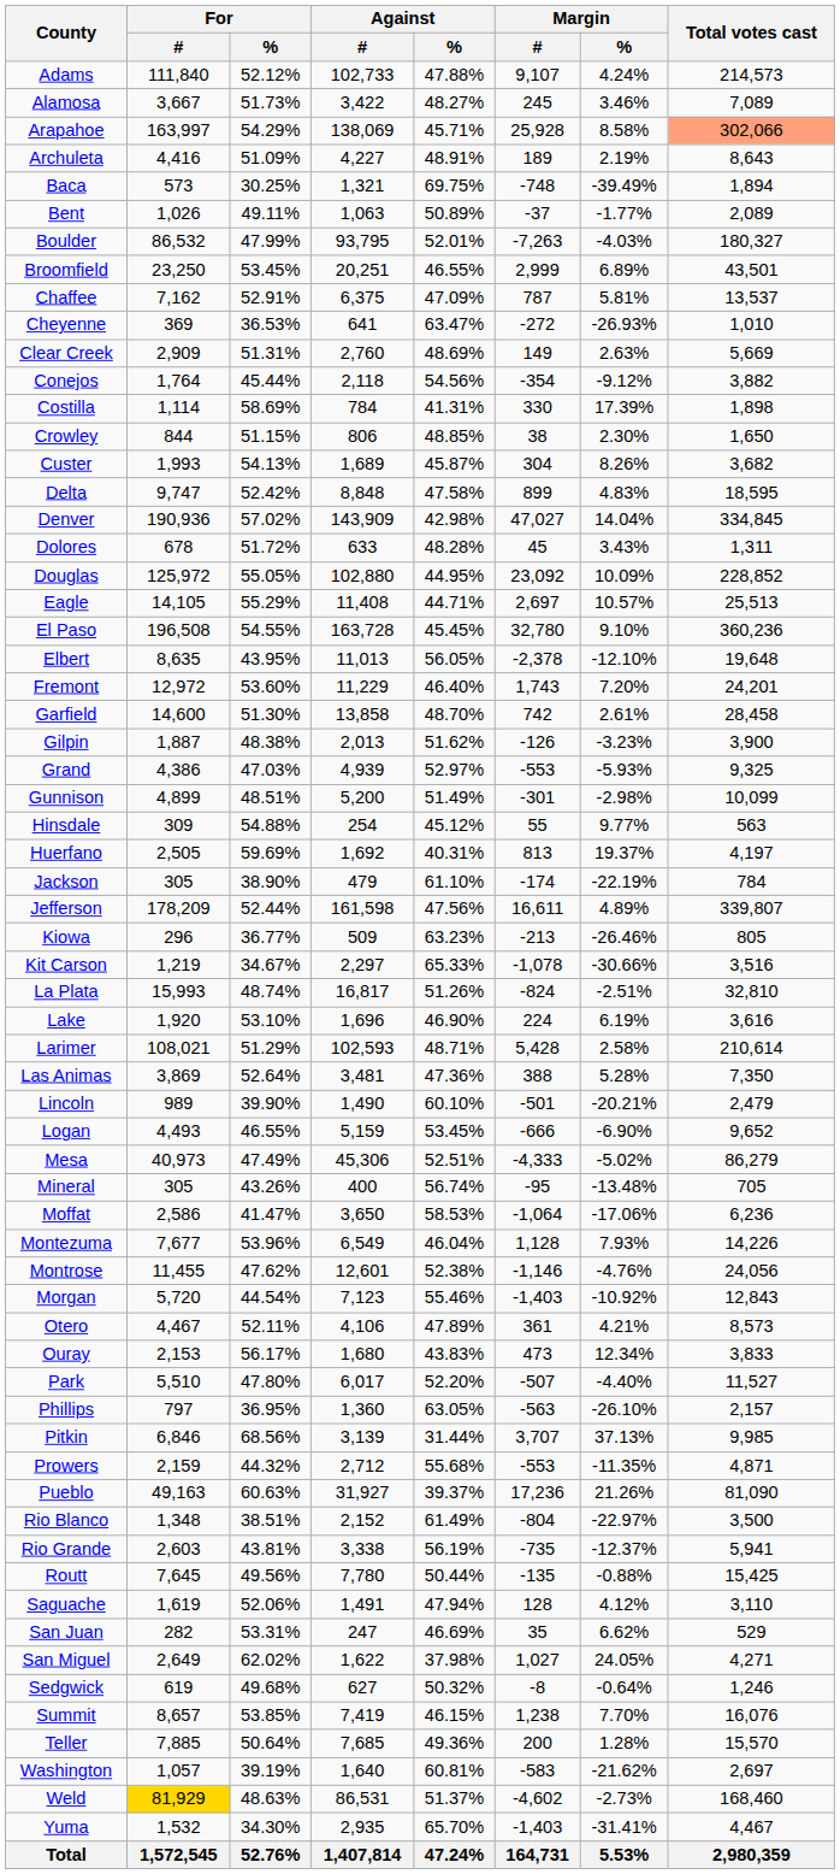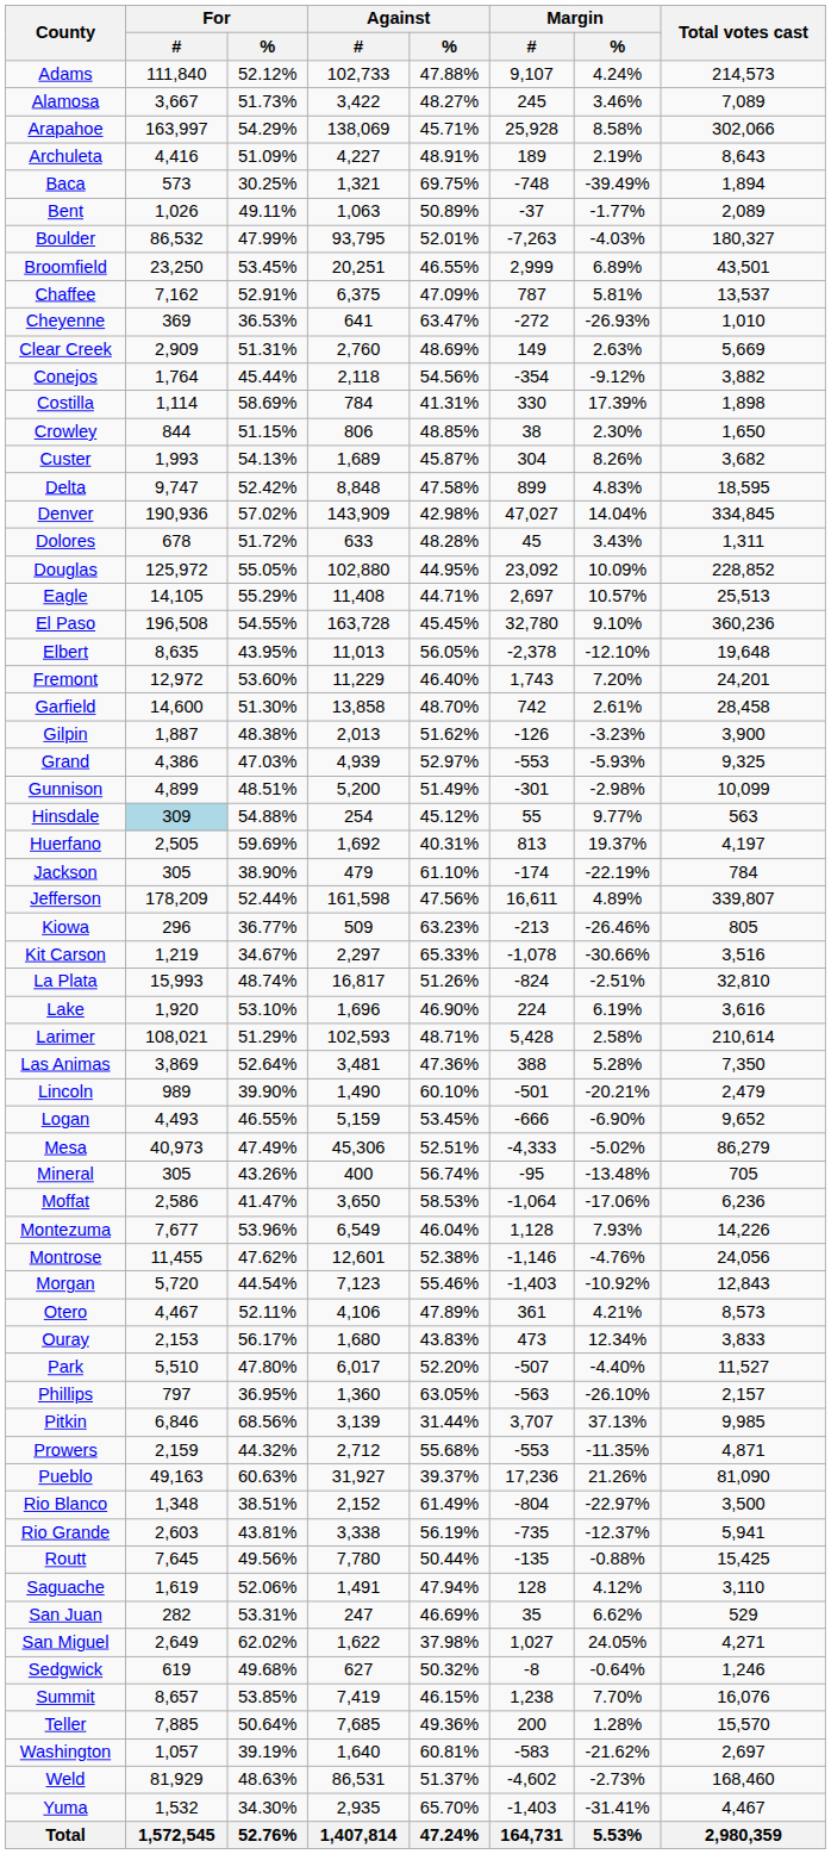 <table width="60%"  class="wikitable sortable" style="text-align:center">
 <tr>
 <th style="text-align:center;" rowspan="2">County</th>
 <th style="text-align:center;" colspan="2">For</th>
 <th style="text-align:center;" colspan="2">Against</th>
 <th style="text-align:center;" colspan="2">Margin</th>
 <th style="text-align:center;" rowspan="2">Total votes cast</th>
 </tr>
 <tr>
 <th style="text-align:center;" data-sort-type="number">#</th>
 <th style="text-align:center;" data-sort-type="number">%</th>
 <th style="text-align:center;" data-sort-type="number">#</th>
 <th style="text-align:center;" data-sort-type="number">%</th>
 <th style="text-align:center;" data-sort-type="number">#</th>
 <th style="text-align:center;" data-sort-type="number">%</th>
 </tr>
 <tr style="text-align:center;">
 <td><a href='#'>Adams</a></td>
 <td>111,840</td>
 <td>52.12%</td>
 <td>102,733</td>
 <td>47.88%</td>
 <td>9,107</td>
 <td>4.24%</td>
 <td>214,573</td>
 </tr>
 <tr style="text-align:center;">
 <td><a href='#'>Alamosa</a></td>
 <td>3,667</td>
 <td>51.73%</td>
 <td>3,422</td>
 <td>48.27%</td>
 <td>245</td>
 <td>3.46%</td>
 <td>7,089</td>
 </tr>
 <tr style="text-align:center;">
 <td><a href='#'>Arapahoe</a></td>
 <td>163,997</td>
 <td>54.29%</td>
 <td>138,069</td>
 <td>45.71%</td>
 <td>25,928</td>
 <td>8.58%</td>
-<td style="background: lightsalmon;">302,066</td>
+<td>302,066</td>
 </tr>
 <tr style="text-align:center;">
 <td><a href='#'>Archuleta</a></td>
 <td>4,416</td>
 <td>51.09%</td>
 <td>4,227</td>
 <td>48.91%</td>
 <td>189</td>
 <td>2.19%</td>
 <td>8,643</td>
 </tr>
 <tr style="text-align:center;">
 <td><a href='#'>Baca</a></td>
 <td>573</td>
 <td>30.25%</td>
 <td>1,321</td>
 <td>69.75%</td>
 <td>-748</td>
 <td>-39.49%</td>
 <td>1,894</td>
 </tr>
 <tr style="text-align:center;">
 <td><a href='#'>Bent</a></td>
 <td>1,026</td>
 <td>49.11%</td>
 <td>1,063</td>
 <td>50.89%</td>
 <td>-37</td>
 <td>-1.77%</td>
 <td>2,089</td>
 </tr>
 <tr style="text-align:center;">
 <td><a href='#'>Boulder</a></td>
 <td>86,532</td>
 <td>47.99%</td>
 <td>93,795</td>
 <td>52.01%</td>
 <td>-7,263</td>
 <td>-4.03%</td>
 <td>180,327</td>
 </tr>
 <tr style="text-align:center;">
 <td><a href='#'>Broomfield</a></td>
 <td>23,250</td>
 <td>53.45%</td>
 <td>20,251</td>
 <td>46.55%</td>
 <td>2,999</td>
 <td>6.89%</td>
 <td>43,501</td>
 </tr>
 <tr style="text-align:center;">
 <td><a href='#'>Chaffee</a></td>
 <td>7,162</td>
 <td>52.91%</td>
 <td>6,375</td>
 <td>47.09%</td>
 <td>787</td>
 <td>5.81%</td>
 <td>13,537</td>
 </tr>
 <tr style="text-align:center;">
 <td><a href='#'>Cheyenne</a></td>
 <td>369</td>
 <td>36.53%</td>
 <td>641</td>
 <td>63.47%</td>
 <td>-272</td>
 <td>-26.93%</td>
 <td>1,010</td>
 </tr>
 <tr style="text-align:center;">
 <td><a href='#'>Clear Creek</a></td>
 <td>2,909</td>
 <td>51.31%</td>
 <td>2,760</td>
 <td>48.69%</td>
 <td>149</td>
 <td>2.63%</td>
 <td>5,669</td>
 </tr>
 <tr style="text-align:center;">
 <td><a href='#'>Conejos</a></td>
 <td>1,764</td>
 <td>45.44%</td>
 <td>2,118</td>
 <td>54.56%</td>
 <td>-354</td>
 <td>-9.12%</td>
 <td>3,882</td>
 </tr>
 <tr style="text-align:center;">
 <td><a href='#'>Costilla</a></td>
 <td>1,114</td>
 <td>58.69%</td>
 <td>784</td>
 <td>41.31%</td>
 <td>330</td>
 <td>17.39%</td>
 <td>1,898</td>
 </tr>
 <tr style="text-align:center;">
 <td><a href='#'>Crowley</a></td>
 <td>844</td>
 <td>51.15%</td>
 <td>806</td>
 <td>48.85%</td>
 <td>38</td>
 <td>2.30%</td>
 <td>1,650</td>
 </tr>
 <tr style="text-align:center;">
 <td><a href='#'>Custer</a></td>
 <td>1,993</td>
 <td>54.13%</td>
 <td>1,689</td>
 <td>45.87%</td>
 <td>304</td>
 <td>8.26%</td>
 <td>3,682</td>
 </tr>
 <tr style="text-align:center;">
 <td><a href='#'>Delta</a></td>
 <td>9,747</td>
 <td>52.42%</td>
 <td>8,848</td>
 <td>47.58%</td>
 <td>899</td>
 <td>4.83%</td>
 <td>18,595</td>
 </tr>
 <tr style="text-align:center;">
 <td><a href='#'>Denver</a></td>
 <td>190,936</td>
 <td>57.02%</td>
 <td>143,909</td>
 <td>42.98%</td>
 <td>47,027</td>
 <td>14.04%</td>
 <td>334,845</td>
 </tr>
 <tr style="text-align:center;">
 <td><a href='#'>Dolores</a></td>
 <td>678</td>
 <td>51.72%</td>
 <td>633</td>
 <td>48.28%</td>
 <td>45</td>
 <td>3.43%</td>
 <td>1,311</td>
 </tr>
 <tr style="text-align:center;">
 <td><a href='#'>Douglas</a></td>
 <td>125,972</td>
 <td>55.05%</td>
 <td>102,880</td>
 <td>44.95%</td>
 <td>23,092</td>
 <td>10.09%</td>
 <td>228,852</td>
 </tr>
 <tr style="text-align:center;">
 <td><a href='#'>Eagle</a></td>
 <td>14,105</td>
 <td>55.29%</td>
 <td>11,408</td>
 <td>44.71%</td>
 <td>2,697</td>
 <td>10.57%</td>
 <td>25,513</td>
 </tr>
 <tr style="text-align:center;">
 <td><a href='#'>El Paso</a></td>
 <td>196,508</td>
 <td>54.55%</td>
 <td>163,728</td>
 <td>45.45%</td>
 <td>32,780</td>
 <td>9.10%</td>
 <td>360,236</td>
 </tr>
 <tr style="text-align:center;">
 <td><a href='#'>Elbert</a></td>
 <td>8,635</td>
 <td>43.95%</td>
 <td>11,013</td>
 <td>56.05%</td>
 <td>-2,378</td>
 <td>-12.10%</td>
 <td>19,648</td>
 </tr>
 <tr style="text-align:center;">
 <td><a href='#'>Fremont</a></td>
 <td>12,972</td>
 <td>53.60%</td>
 <td>11,229</td>
 <td>46.40%</td>
 <td>1,743</td>
 <td>7.20%</td>
 <td>24,201</td>
 </tr>
 <tr style="text-align:center;">
 <td><a href='#'>Garfield</a></td>
 <td>14,600</td>
 <td>51.30%</td>
 <td>13,858</td>
 <td>48.70%</td>
 <td>742</td>
 <td>2.61%</td>
 <td>28,458</td>
 </tr>
 <tr style="text-align:center;">
 <td><a href='#'>Gilpin</a></td>
 <td>1,887</td>
 <td>48.38%</td>
 <td>2,013</td>
 <td>51.62%</td>
 <td>-126</td>
 <td>-3.23%</td>
 <td>3,900</td>
 </tr>
 <tr style="text-align:center;">
 <td><a href='#'>Grand</a></td>
 <td>4,386</td>
 <td>47.03%</td>
 <td>4,939</td>
 <td>52.97%</td>
 <td>-553</td>
 <td>-5.93%</td>
 <td>9,325</td>
 </tr>
 <tr style="text-align:center;">
 <td><a href='#'>Gunnison</a></td>
 <td>4,899</td>
 <td>48.51%</td>
 <td>5,200</td>
 <td>51.49%</td>
 <td>-301</td>
 <td>-2.98%</td>
 <td>10,099</td>
 </tr>
 <tr style="text-align:center;">
 <td><a href='#'>Hinsdale</a></td>
-<td>309</td>
+<td style="background: lightblue;">309</td>
 <td>54.88%</td>
 <td>254</td>
 <td>45.12%</td>
 <td>55</td>
 <td>9.77%</td>
 <td>563</td>
 </tr>
 <tr style="text-align:center;">
 <td><a href='#'>Huerfano</a></td>
 <td>2,505</td>
 <td>59.69%</td>
 <td>1,692</td>
 <td>40.31%</td>
 <td>813</td>
 <td>19.37%</td>
 <td>4,197</td>
 </tr>
 <tr style="text-align:center;">
 <td><a href='#'>Jackson</a></td>
 <td>305</td>
 <td>38.90%</td>
 <td>479</td>
 <td>61.10%</td>
 <td>-174</td>
 <td>-22.19%</td>
 <td>784</td>
 </tr>
 <tr style="text-align:center;">
 <td><a href='#'>Jefferson</a></td>
 <td>178,209</td>
 <td>52.44%</td>
 <td>161,598</td>
 <td>47.56%</td>
 <td>16,611</td>
 <td>4.89%</td>
 <td>339,807</td>
 </tr>
 <tr style="text-align:center;">
 <td><a href='#'>Kiowa</a></td>
 <td>296</td>
 <td>36.77%</td>
 <td>509</td>
 <td>63.23%</td>
 <td>-213</td>
 <td>-26.46%</td>
 <td>805</td>
 </tr>
 <tr style="text-align:center;">
 <td><a href='#'>Kit Carson</a></td>
 <td>1,219</td>
 <td>34.67%</td>
 <td>2,297</td>
 <td>65.33%</td>
 <td>-1,078</td>
 <td>-30.66%</td>
 <td>3,516</td>
 </tr>
 <tr style="text-align:center;">
 <td><a href='#'>La Plata</a></td>
 <td>15,993</td>
 <td>48.74%</td>
 <td>16,817</td>
 <td>51.26%</td>
 <td>-824</td>
 <td>-2.51%</td>
 <td>32,810</td>
 </tr>
 <tr style="text-align:center;">
 <td><a href='#'>Lake</a></td>
 <td>1,920</td>
 <td>53.10%</td>
 <td>1,696</td>
 <td>46.90%</td>
 <td>224</td>
 <td>6.19%</td>
 <td>3,616</td>
 </tr>
 <tr style="text-align:center;">
 <td><a href='#'>Larimer</a></td>
 <td>108,021</td>
 <td>51.29%</td>
 <td>102,593</td>
 <td>48.71%</td>
 <td>5,428</td>
 <td>2.58%</td>
 <td>210,614</td>
 </tr>
 <tr style="text-align:center;">
 <td><a href='#'>Las Animas</a></td>
 <td>3,869</td>
 <td>52.64%</td>
 <td>3,481</td>
 <td>47.36%</td>
 <td>388</td>
 <td>5.28%</td>
 <td>7,350</td>
 </tr>
 <tr style="text-align:center;">
 <td><a href='#'>Lincoln</a></td>
 <td>989</td>
 <td>39.90%</td>
 <td>1,490</td>
 <td>60.10%</td>
 <td>-501</td>
 <td>-20.21%</td>
 <td>2,479</td>
 </tr>
 <tr style="text-align:center;">
 <td><a href='#'>Logan</a></td>
 <td>4,493</td>
 <td>46.55%</td>
 <td>5,159</td>
 <td>53.45%</td>
 <td>-666</td>
 <td>-6.90%</td>
 <td>9,652</td>
 </tr>
 <tr style="text-align:center;">
 <td><a href='#'>Mesa</a></td>
 <td>40,973</td>
 <td>47.49%</td>
 <td>45,306</td>
 <td>52.51%</td>
 <td>-4,333</td>
 <td>-5.02%</td>
 <td>86,279</td>
 </tr>
 <tr style="text-align:center;">
 <td><a href='#'>Mineral</a></td>
 <td>305</td>
 <td>43.26%</td>
 <td>400</td>
 <td>56.74%</td>
 <td>-95</td>
 <td>-13.48%</td>
 <td>705</td>
 </tr>
 <tr style="text-align:center;">
 <td><a href='#'>Moffat</a></td>
 <td>2,586</td>
 <td>41.47%</td>
 <td>3,650</td>
 <td>58.53%</td>
 <td>-1,064</td>
 <td>-17.06%</td>
 <td>6,236</td>
 </tr>
 <tr style="text-align:center;">
 <td><a href='#'>Montezuma</a></td>
 <td>7,677</td>
 <td>53.96%</td>
 <td>6,549</td>
 <td>46.04%</td>
 <td>1,128</td>
 <td>7.93%</td>
 <td>14,226</td>
 </tr>
 <tr style="text-align:center;">
 <td><a href='#'>Montrose</a></td>
 <td>11,455</td>
 <td>47.62%</td>
 <td>12,601</td>
 <td>52.38%</td>
 <td>-1,146</td>
 <td>-4.76%</td>
 <td>24,056</td>
 </tr>
 <tr style="text-align:center;">
 <td><a href='#'>Morgan</a></td>
 <td>5,720</td>
 <td>44.54%</td>
 <td>7,123</td>
 <td>55.46%</td>
 <td>-1,403</td>
 <td>-10.92%</td>
 <td>12,843</td>
 </tr>
 <tr style="text-align:center;">
 <td><a href='#'>Otero</a></td>
 <td>4,467</td>
 <td>52.11%</td>
 <td>4,106</td>
 <td>47.89%</td>
 <td>361</td>
 <td>4.21%</td>
 <td>8,573</td>
 </tr>
 <tr style="text-align:center;">
 <td><a href='#'>Ouray</a></td>
 <td>2,153</td>
 <td>56.17%</td>
 <td>1,680</td>
 <td>43.83%</td>
 <td>473</td>
 <td>12.34%</td>
 <td>3,833</td>
 </tr>
 <tr style="text-align:center;">
 <td><a href='#'>Park</a></td>
 <td>5,510</td>
 <td>47.80%</td>
 <td>6,017</td>
 <td>52.20%</td>
 <td>-507</td>
 <td>-4.40%</td>
 <td>11,527</td>
 </tr>
 <tr style="text-align:center;">
 <td><a href='#'>Phillips</a></td>
 <td>797</td>
 <td>36.95%</td>
 <td>1,360</td>
 <td>63.05%</td>
 <td>-563</td>
 <td>-26.10%</td>
 <td>2,157</td>
 </tr>
 <tr style="text-align:center;">
 <td><a href='#'>Pitkin</a></td>
 <td>6,846</td>
 <td>68.56%</td>
 <td>3,139</td>
 <td>31.44%</td>
 <td>3,707</td>
 <td>37.13%</td>
 <td>9,985</td>
 </tr>
 <tr style="text-align:center;">
 <td><a href='#'>Prowers</a></td>
 <td>2,159</td>
 <td>44.32%</td>
 <td>2,712</td>
 <td>55.68%</td>
 <td>-553</td>
 <td>-11.35%</td>
 <td>4,871</td>
 </tr>
 <tr style="text-align:center;">
 <td><a href='#'>Pueblo</a></td>
 <td>49,163</td>
 <td>60.63%</td>
 <td>31,927</td>
 <td>39.37%</td>
 <td>17,236</td>
 <td>21.26%</td>
 <td>81,090</td>
 </tr>
 <tr style="text-align:center;">
 <td><a href='#'>Rio Blanco</a></td>
 <td>1,348</td>
 <td>38.51%</td>
 <td>2,152</td>
 <td>61.49%</td>
 <td>-804</td>
 <td>-22.97%</td>
 <td>3,500</td>
 </tr>
 <tr style="text-align:center;">
 <td><a href='#'>Rio Grande</a></td>
 <td>2,603</td>
 <td>43.81%</td>
 <td>3,338</td>
 <td>56.19%</td>
 <td>-735</td>
 <td>-12.37%</td>
 <td>5,941</td>
 </tr>
 <tr style="text-align:center;">
 <td><a href='#'>Routt</a></td>
 <td>7,645</td>
 <td>49.56%</td>
 <td>7,780</td>
 <td>50.44%</td>
 <td>-135</td>
 <td>-0.88%</td>
 <td>15,425</td>
 </tr>
 <tr style="text-align:center;">
 <td><a href='#'>Saguache</a></td>
 <td>1,619</td>
 <td>52.06%</td>
 <td>1,491</td>
 <td>47.94%</td>
 <td>128</td>
 <td>4.12%</td>
 <td>3,110</td>
 </tr>
 <tr style="text-align:center;">
 <td><a href='#'>San Juan</a></td>
 <td>282</td>
 <td>53.31%</td>
 <td>247</td>
 <td>46.69%</td>
 <td>35</td>
 <td>6.62%</td>
 <td>529</td>
 </tr>
 <tr style="text-align:center;">
 <td><a href='#'>San Miguel</a></td>
 <td>2,649</td>
 <td>62.02%</td>
 <td>1,622</td>
 <td>37.98%</td>
 <td>1,027</td>
 <td>24.05%</td>
 <td>4,271</td>
 </tr>
 <tr style="text-align:center;">
 <td><a href='#'>Sedgwick</a></td>
 <td>619</td>
 <td>49.68%</td>
 <td>627</td>
 <td>50.32%</td>
 <td>-8</td>
 <td>-0.64%</td>
 <td>1,246</td>
 </tr>
 <tr style="text-align:center;">
 <td><a href='#'>Summit</a></td>
 <td>8,657</td>
 <td>53.85%</td>
 <td>7,419</td>
 <td>46.15%</td>
 <td>1,238</td>
 <td>7.70%</td>
 <td>16,076</td>
 </tr>
 <tr style="text-align:center;">
 <td><a href='#'>Teller</a></td>
 <td>7,885</td>
 <td>50.64%</td>
 <td>7,685</td>
 <td>49.36%</td>
 <td>200</td>
 <td>1.28%</td>
 <td>15,570</td>
 </tr>
 <tr style="text-align:center;">
 <td><a href='#'>Washington</a></td>
 <td>1,057</td>
 <td>39.19%</td>
 <td>1,640</td>
 <td>60.81%</td>
 <td>-583</td>
 <td>-21.62%</td>
 <td>2,697</td>
 </tr>
 <tr style="text-align:center;">
 <td><a href='#'>Weld</a></td>
-<td style="background: gold;">81,929</td>
+<td>81,929</td>
 <td>48.63%</td>
 <td>86,531</td>
 <td>51.37%</td>
 <td>-4,602</td>
 <td>-2.73%</td>
 <td>168,460</td>
 </tr>
 <tr style="text-align:center;">
 <td><a href='#'>Yuma</a></td>
 <td>1,532</td>
 <td>34.30%</td>
 <td>2,935</td>
 <td>65.70%</td>
 <td>-1,403</td>
 <td>-31.41%</td>
 <td>4,467</td>
 </tr>
 <tr>
 <th>Total</th>
 <th>1,572,545</th>
 <th>52.76%</th>
 <th>1,407,814</th>
 <th>47.24%</th>
 <th>164,731</th>
 <th>5.53%</th>
 <th>2,980,359</th>
 </tr>
 </table>
